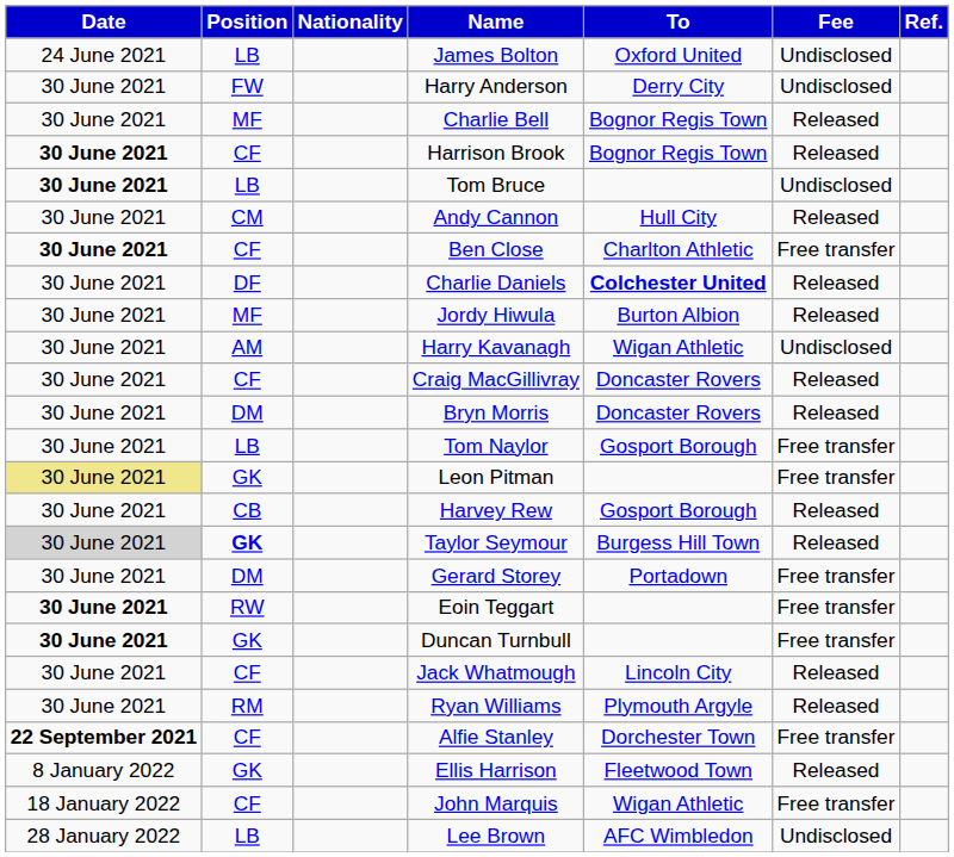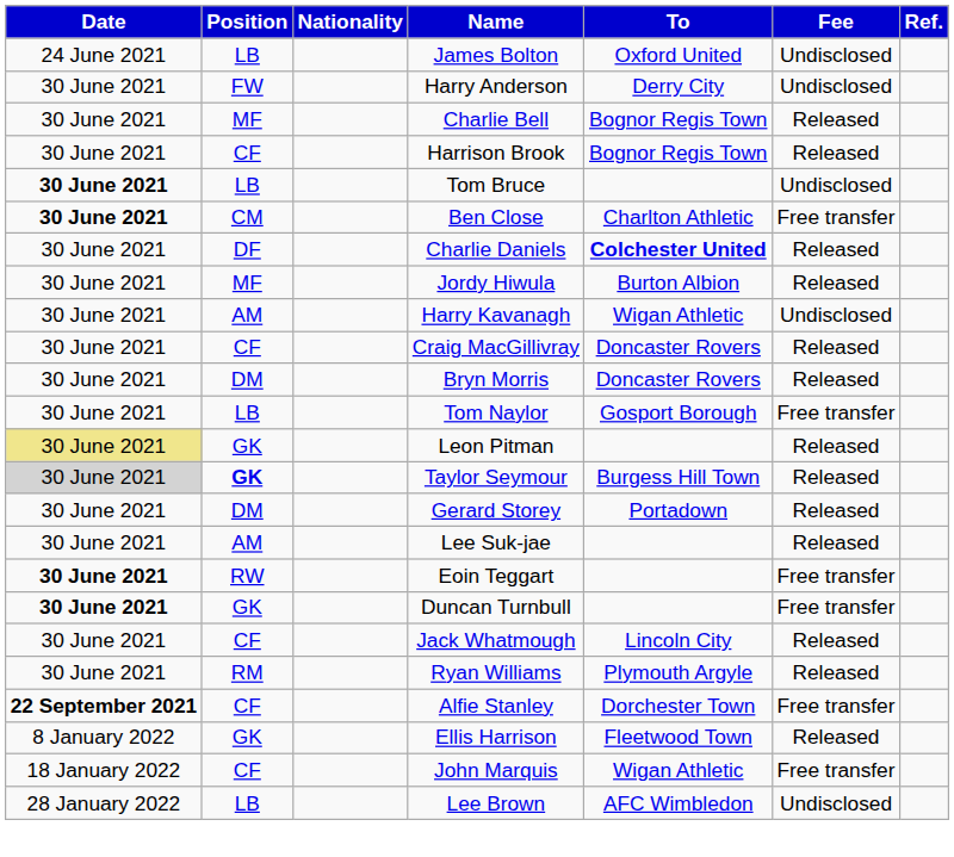 <table class="wikitable"  style="text-align:center; font-size:90%; ">
 <tr>
 <th style="background:mediumblue;color:white;">Date</th>
 <th style="background:mediumblue;color:white;">Position</th>
 <th style="background:mediumblue;color:white;">Nationality</th>
 <th style="background:mediumblue;color:white;">Name</th>
 <th style="background:mediumblue;color:white;">To</th>
 <th style="background:mediumblue;color:white;">Fee</th>
 <th style="background:mediumblue;color:white;">Ref.</th>
 </tr>
 <tr>
 <td>24 June 2021</td>
 <td><a href='#'>LB</a></td>
 <td></td>
 <td><a href='#'>James Bolton</a></td>
 <td> <a href='#'>Oxford United</a></td>
 <td>Undisclosed</td>
 <td></td>
 </tr>
 <tr>
 <td>30 June 2021</td>
 <td><a href='#'>FW</a></td>
 <td></td>
 <td>Harry Anderson</td>
 <td> <a href='#'>Derry City</a></td>
 <td>Undisclosed</td>
 <td></td>
 </tr>
 <tr>
 <td>30 June 2021</td>
 <td><a href='#'>MF</a></td>
 <td></td>
 <td><a href='#'>Charlie Bell</a></td>
 <td> <a href='#'>Bognor Regis Town</a></td>
 <td>Released</td>
 <td></td>
 </tr>
 <tr>
-<td><strong>30 June 2021</strong></td>
+<td>30 June 2021</td>
 <td><a href='#'>CF</a></td>
 <td></td>
 <td>Harrison Brook</td>
 <td> <a href='#'>Bognor Regis Town</a></td>
 <td>Released</td>
 <td></td>
 </tr>
 <tr>
 <td><strong>30 June 2021</strong></td>
 <td><a href='#'>LB</a></td>
 <td></td>
 <td>Tom Bruce</td>
 <td></td>
 <td>Undisclosed</td>
 <td></td>
 </tr>
 <tr>
-<td>30 June 2021</td>
+<td><strong>30 June 2021</strong></td>
 <td><a href='#'>CM</a></td>
-<td></td>
-<td><a href='#'>Andy Cannon</a></td>
-<td> <a href='#'>Hull City</a></td>
-<td>Released</td>
-<td></td>
-</tr>
-<tr>
-<td><strong>30 June 2021</strong></td>
-<td><a href='#'>CF</a></td>
 <td></td>
 <td><a href='#'>Ben Close</a></td>
 <td> <a href='#'>Charlton Athletic</a></td>
 <td>Free transfer</td>
 <td></td>
 </tr>
 <tr>
 <td>30 June 2021</td>
 <td><a href='#'>DF</a></td>
 <td></td>
 <td><a href='#'>Charlie Daniels</a></td>
 <td><strong> <a href='#'>Colchester United</a></strong></td>
 <td>Released</td>
 <td></td>
 </tr>
 <tr>
 <td>30 June 2021</td>
 <td><a href='#'>MF</a></td>
 <td></td>
 <td><a href='#'>Jordy Hiwula</a></td>
 <td> <a href='#'>Burton Albion</a></td>
 <td>Released</td>
 <td></td>
 </tr>
 <tr>
 <td>30 June 2021</td>
 <td><a href='#'>AM</a></td>
 <td></td>
 <td><a href='#'>Harry Kavanagh</a></td>
 <td> <a href='#'>Wigan Athletic</a></td>
 <td>Undisclosed</td>
 <td></td>
 </tr>
 <tr>
 <td>30 June 2021</td>
 <td><a href='#'>CF</a></td>
 <td></td>
 <td><a href='#'>Craig MacGillivray</a></td>
 <td> <a href='#'>Doncaster Rovers</a></td>
 <td>Released</td>
 <td></td>
 </tr>
 <tr>
 <td>30 June 2021</td>
 <td><a href='#'>DM</a></td>
 <td></td>
 <td><a href='#'>Bryn Morris</a></td>
 <td> <a href='#'>Doncaster Rovers</a></td>
 <td>Released</td>
 <td></td>
 </tr>
 <tr>
 <td>30 June 2021</td>
 <td><a href='#'>LB</a></td>
 <td></td>
 <td><a href='#'>Tom Naylor</a></td>
 <td> <a href='#'>Gosport Borough</a></td>
 <td>Free transfer</td>
 <td></td>
 </tr>
 <tr>
 <td style="background: khaki;">30 June 2021</td>
 <td><a href='#'>GK</a></td>
 <td></td>
 <td>Leon Pitman</td>
 <td></td>
-<td>Free transfer</td>
-<td></td>
-</tr>
-<tr>
-<td>30 June 2021</td>
-<td><a href='#'>CB</a></td>
-<td></td>
-<td><a href='#'>Harvey Rew</a></td>
-<td> <a href='#'>Gosport Borough</a></td>
 <td>Released</td>
 <td></td>
 </tr>
 <tr>
 <td style="background: lightgrey;">30 June 2021</td>
 <td><strong><a href='#'>GK</a></strong></td>
 <td></td>
 <td><a href='#'>Taylor Seymour</a></td>
 <td> <a href='#'>Burgess Hill Town</a></td>
 <td>Released</td>
 <td></td>
 </tr>
 <tr>
 <td>30 June 2021</td>
 <td><a href='#'>DM</a></td>
 <td></td>
 <td><a href='#'>Gerard Storey</a></td>
 <td> <a href='#'>Portadown</a></td>
-<td>Free transfer</td>
+<td>Released</td>
+<td></td>
+</tr>
+<tr>
+<td>30 June 2021</td>
+<td><a href='#'>AM</a></td>
+<td></td>
+<td>Lee Suk-jae</td>
+<td></td>
+<td>Released</td>
 <td></td>
 </tr>
 <tr>
 <td><strong>30 June 2021</strong></td>
 <td><a href='#'>RW</a></td>
 <td></td>
 <td>Eoin Teggart</td>
 <td></td>
 <td>Free transfer</td>
 <td></td>
 </tr>
 <tr>
 <td><strong>30 June 2021</strong></td>
 <td><a href='#'>GK</a></td>
 <td></td>
 <td>Duncan Turnbull</td>
 <td></td>
 <td>Free transfer</td>
 <td></td>
 </tr>
 <tr>
 <td>30 June 2021</td>
 <td><a href='#'>CF</a></td>
 <td></td>
 <td><a href='#'>Jack Whatmough</a></td>
 <td> <a href='#'>Lincoln City</a></td>
 <td>Released</td>
 <td></td>
 </tr>
 <tr>
 <td>30 June 2021</td>
 <td><a href='#'>RM</a></td>
 <td></td>
 <td><a href='#'>Ryan Williams</a></td>
 <td> <a href='#'>Plymouth Argyle</a></td>
 <td>Released</td>
 <td></td>
 </tr>
 <tr>
 <td><strong>22 September 2021</strong></td>
 <td><a href='#'>CF</a></td>
 <td></td>
 <td><a href='#'>Alfie Stanley</a></td>
 <td> <a href='#'>Dorchester Town</a></td>
 <td>Free transfer</td>
 <td></td>
 </tr>
 <tr>
 <td>8 January 2022</td>
 <td><a href='#'>GK</a></td>
 <td></td>
 <td><a href='#'>Ellis Harrison</a></td>
 <td> <a href='#'>Fleetwood Town</a></td>
 <td>Released</td>
 <td></td>
 </tr>
 <tr>
 <td>18 January 2022</td>
 <td><a href='#'>CF</a></td>
 <td></td>
 <td><a href='#'>John Marquis</a></td>
 <td> <a href='#'>Wigan Athletic</a></td>
 <td>Free transfer</td>
 <td></td>
 </tr>
 <tr>
 <td>28 January 2022</td>
 <td><a href='#'>LB</a></td>
 <td></td>
 <td><a href='#'>Lee Brown</a></td>
 <td> <a href='#'>AFC Wimbledon</a></td>
 <td>Undisclosed</td>
 <td></td>
 </tr>
 </table>
